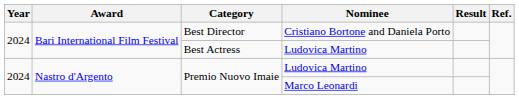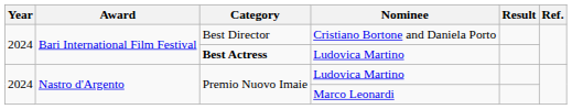 <table class="wikitable">
 <tr>
 <th>Year</th>
 <th>Award</th>
 <th>Category</th>
 <th>Nominee</th>
 <th>Result</th>
 <th>Ref.</th>
 </tr>
 <tr>
 <td rowspan="2">2024</td>
 <td rowspan="2"><a href='#'>Bari International Film Festival</a></td>
 <td>Best Director</td>
 <td><a href='#'>Cristiano Bortone</a> and Daniela Porto</td>
 <td></td>
 <td rowspan="2"></td>
 </tr>
 <tr>
-<td>Best Actress</td>
+<td><strong>Best Actress</strong></td>
 <td><a href='#'>Ludovica Martino</a></td>
 <td></td>
 </tr>
 <tr>
 <td rowspan="2">2024</td>
 <td rowspan="2"><a href='#'>Nastro d'Argento</a></td>
 <td rowspan="2">Premio Nuovo Imaie</td>
 <td><a href='#'>Ludovica Martino</a></td>
 <td></td>
 <td rowspan="2"></td>
 </tr>
 <tr>
 <td><a href='#'>Marco Leonardi</a></td>
 <td></td>
 </tr>
 </table>
